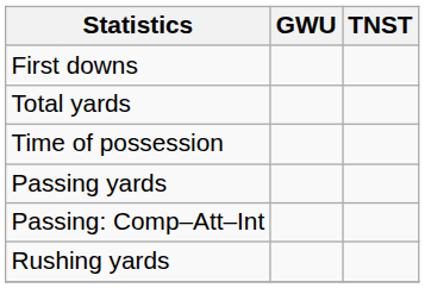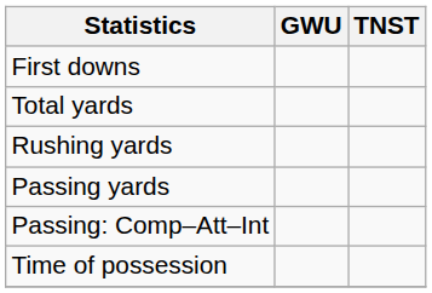 <table class="wikitable" style="float: left;">
 <tr>
 <th>Statistics</th>
 <th>GWU</th>
 <th>TNST</th>
 </tr>
 <tr>
 <td>First downs</td>
 <td></td>
 <td></td>
 </tr>
 <tr>
 <td>Total yards</td>
 <td></td>
 <td></td>
 </tr>
 <tr>
-<td>Time of possession</td>
+<td>Rushing yards</td>
 <td></td>
 <td></td>
 </tr>
 <tr>
 <td>Passing yards</td>
 <td></td>
 <td></td>
 </tr>
 <tr>
 <td>Passing: Comp–Att–Int</td>
 <td></td>
 <td></td>
 </tr>
 <tr>
-<td>Rushing yards</td>
+<td>Time of possession</td>
 <td></td>
 <td></td>
 </tr>
 <tr>
 </tr>
 </table>
